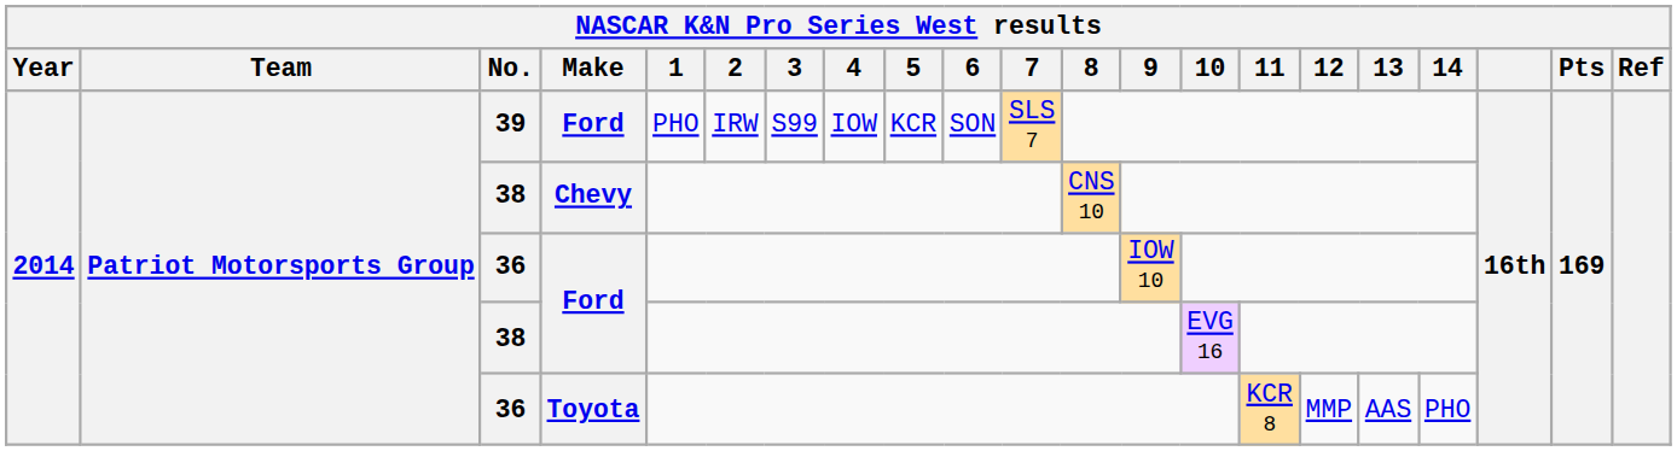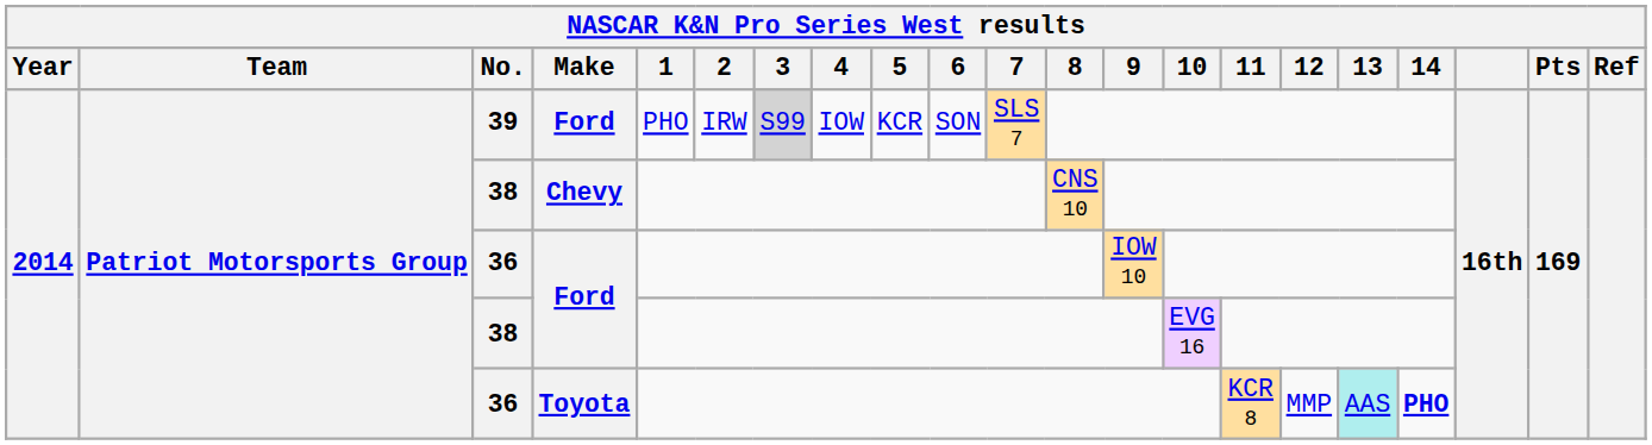 <table class="wikitable" style="text-align:center; font-size:75%">
 <tr>
 <th colspan=23><a href='#'>NASCAR K&N Pro Series West</a> results</th>
 </tr>
 <tr>
 <th>Year</th>
 <th>Team</th>
 <th>No.</th>
 <th>Make</th>
 <th>1</th>
 <th>2</th>
 <th>3</th>
 <th>4</th>
 <th>5</th>
 <th>6</th>
 <th>7</th>
 <th>8</th>
 <th>9</th>
 <th>10</th>
 <th>11</th>
 <th>12</th>
 <th>13</th>
 <th>14</th>
 <th></th>
 <th>Pts</th>
 <th>Ref</th>
 </tr>
 <tr>
 <th rowspan=5><a href='#'>2014</a></th>
 <th rowspan=5><a href='#'>Patriot Motorsports Group</a></th>
 <th>39</th>
 <th><a href='#'>Ford</a></th>
 <td><a href='#'>PHO</a></td>
 <td><a href='#'>IRW</a></td>
-<td><a href='#'>S99</a></td>
+<td style="background: lightgrey;"><a href='#'>S99</a></td>
 <td><a href='#'>IOW</a></td>
 <td><a href='#'>KCR</a></td>
 <td><a href='#'>SON</a></td>
 <td style="background:#FFDF9F;"><a href='#'>SLS</a><br><small>7</small></td>
 <td colspan=7></td>
 <th rowspan=5>16th</th>
 <th rowspan=5>169</th>
 <th rowspan=5></th>
 </tr>
 <tr>
 <th>38</th>
 <th><a href='#'>Chevy</a></th>
 <td colspan=7></td>
 <td style="background:#FFDF9F;"><a href='#'>CNS</a><br><small>10</small></td>
 <td colspan=6></td>
 </tr>
 <tr>
 <th>36</th>
 <th rowspan=2><a href='#'>Ford</a></th>
 <td colspan=8></td>
 <td style="background:#FFDF9F;"><a href='#'>IOW</a><br><small>10</small></td>
 <td colspan=5></td>
 </tr>
 <tr>
 <th>38</th>
 <td colspan=9></td>
 <td style="background:#EFCFFF;"><a href='#'>EVG</a><br><small>16</small></td>
 <td colspan=4></td>
 </tr>
 <tr>
 <th>36</th>
 <th><a href='#'>Toyota</a></th>
 <td colspan=10></td>
 <td style="background:#FFDF9F;"><a href='#'>KCR</a><br><small>8</small></td>
 <td><a href='#'>MMP</a></td>
-<td><a href='#'>AAS</a></td>
-<td><a href='#'>PHO</a></td>
+<td style="background: paleturquoise;"><a href='#'>AAS</a></td>
+<td><strong><a href='#'>PHO</a></strong></td>
 </tr>
 </table>
